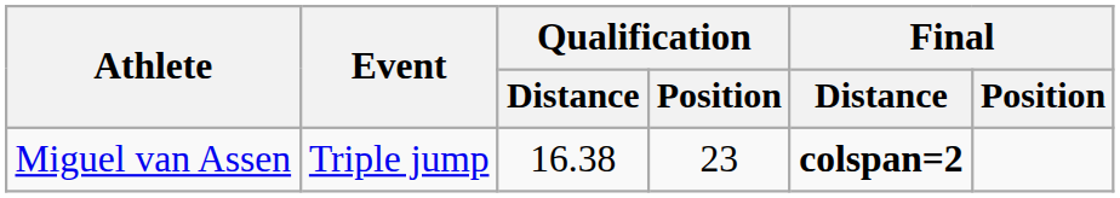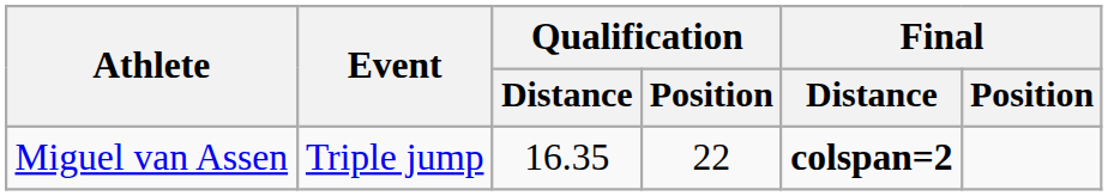 <table class=wikitable style=font-size:90%>
 <tr>
 <th rowspan=2>Athlete</th>
 <th rowspan=2>Event</th>
 <th colspan=2>Qualification</th>
 <th colspan=2>Final</th>
 </tr>
 <tr style=font-size:95%>
 <th>Distance</th>
 <th>Position</th>
 <th>Distance</th>
 <th>Position</th>
 </tr>
 <tr align=center>
 <td align=left><a href='#'>Miguel van Assen</a></td>
 <td align=left><a href='#'>Triple jump</a></td>
-<td>16.38</td>
-<td>23</td>
+<td>16.35</td>
+<td>22</td>
 <td><strong>colspan=2 </strong></td>
 </tr>
 </table>
